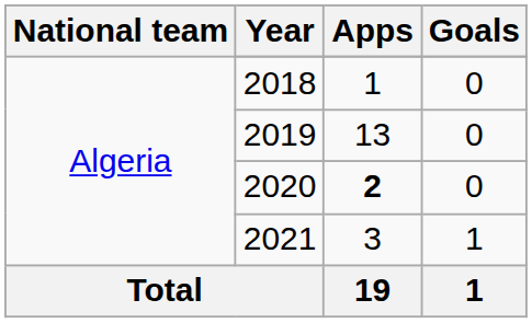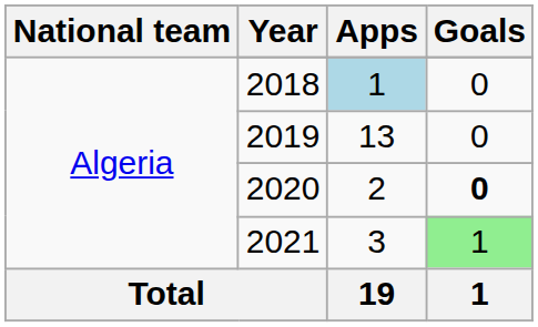 <table class="wikitable" style="text-align:center">
 <tr>
 <th>National team</th>
 <th>Year</th>
 <th>Apps</th>
 <th>Goals</th>
 </tr>
 <tr>
 <td rowspan="5"><a href='#'>Algeria</a></td>
 </tr>
 <tr>
 <td>2018</td>
-<td>1</td>
+<td style="background: lightblue;">1</td>
 <td>0</td>
 </tr>
 <tr>
 <td>2019</td>
 <td>13</td>
 <td>0</td>
 </tr>
 <tr>
 <td>2020</td>
-<td><strong>2</strong></td>
-<td>0</td>
+<td>2</td>
+<td><strong>0</strong></td>
 </tr>
 <tr>
 <td>2021</td>
 <td>3</td>
-<td>1</td>
+<td style="background: lightgreen;">1</td>
 </tr>
 <tr>
 <th colspan="2">Total</th>
 <th>19</th>
 <th>1</th>
 </tr>
 </table>
